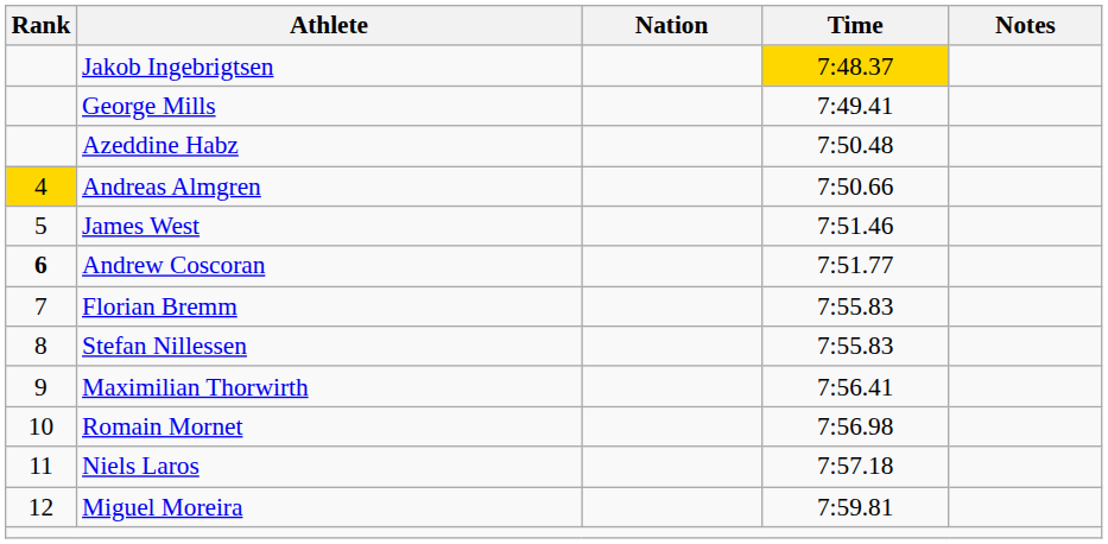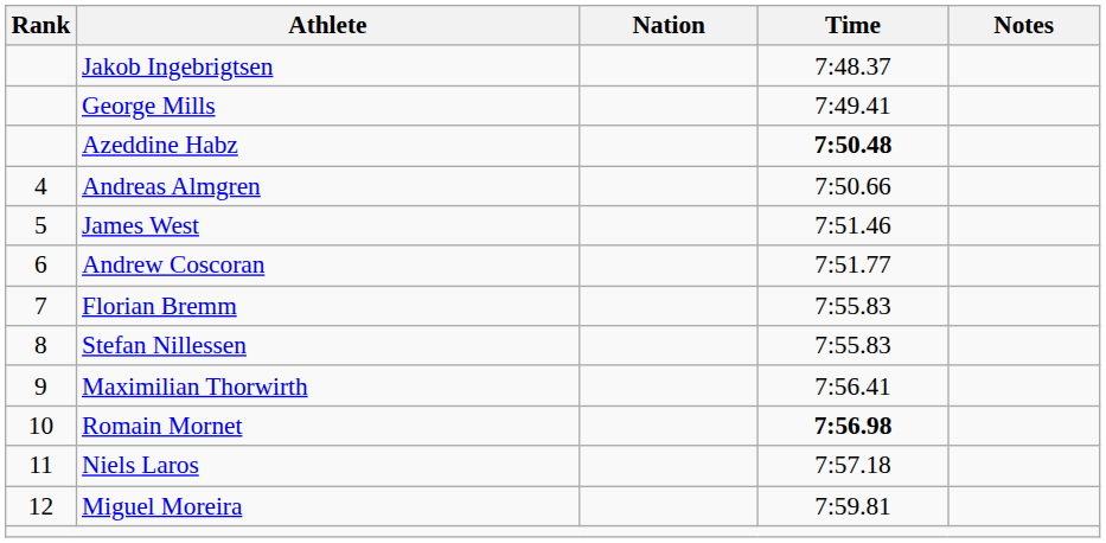 <table class="wikitable sortable" style="text-align:center;width: 55%;">
 <tr>
 <th scope="col" style="width: 10px;">Rank</th>
 <th scope="col">Athlete</th>
 <th scope="col">Nation</th>
 <th scope="col">Time</th>
 <th scope="col">Notes</th>
 </tr>
 <tr>
 <td></td>
 <td align=left><a href='#'>Jakob Ingebrigtsen</a></td>
 <td align=left></td>
-<td style="background: gold;">7:48.37</td>
+<td>7:48.37</td>
 <td></td>
 </tr>
 <tr>
 <td></td>
 <td align=left><a href='#'>George Mills</a></td>
 <td align=left></td>
 <td>7:49.41</td>
 <td></td>
 </tr>
 <tr>
 <td></td>
 <td align=left><a href='#'>Azeddine Habz</a></td>
 <td align=left></td>
-<td>7:50.48</td>
+<td><strong>7:50.48</strong></td>
 <td></td>
 </tr>
 <tr>
-<td style="background: gold;">4</td>
+<td>4</td>
 <td align=left><a href='#'>Andreas Almgren</a></td>
 <td align=left></td>
 <td>7:50.66</td>
 <td></td>
 </tr>
 <tr>
 <td>5</td>
 <td align=left><a href='#'>James West</a></td>
 <td align=left></td>
 <td>7:51.46</td>
 <td></td>
 </tr>
 <tr>
-<td><strong>6</strong></td>
+<td>6</td>
 <td align=left><a href='#'>Andrew Coscoran</a></td>
 <td align=left></td>
 <td>7:51.77</td>
 <td></td>
 </tr>
 <tr>
 <td>7</td>
 <td align=left><a href='#'>Florian Bremm</a></td>
 <td align=left></td>
 <td>7:55.83 </td>
 <td></td>
 </tr>
 <tr>
 <td>8</td>
 <td align=left><a href='#'>Stefan Nillessen</a></td>
 <td align=left></td>
 <td>7:55.83 </td>
 <td></td>
 </tr>
 <tr>
 <td>9</td>
 <td align=left><a href='#'>Maximilian Thorwirth</a></td>
 <td align=left></td>
 <td>7:56.41</td>
 <td></td>
 </tr>
 <tr>
 <td>10</td>
 <td align=left><a href='#'>Romain Mornet</a></td>
 <td align=left></td>
-<td>7:56.98</td>
+<td><strong>7:56.98</strong></td>
 <td></td>
 </tr>
 <tr>
 <td>11</td>
 <td align=left><a href='#'>Niels Laros</a></td>
 <td align=left></td>
 <td>7:57.18</td>
 <td></td>
 </tr>
 <tr>
 <td>12</td>
 <td align=left><a href='#'>Miguel Moreira</a></td>
 <td align=left></td>
 <td>7:59.81</td>
 <td></td>
 </tr>
 <tr class="sortbottom">
 <td colspan="5"></td>
 </tr>
 </table>
